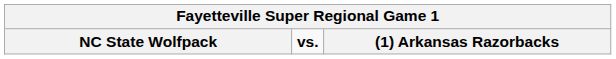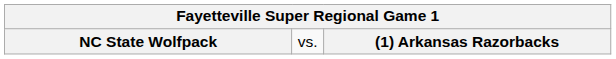 <table class="wikitable">
 <tr>
 <th style="width: 604px;" colspan=3>Fayetteville Super Regional Game 1</th>
 </tr>
 <tr>
 <th style="width: 289px; ">NC State Wolfpack</th>
-<td style="width: 25px; text-align:center"><strong>vs.</strong></td>
+<td style="width: 25px; text-align:center">vs.</td>
 <th style="width: 289px; ">(1) Arkansas Razorbacks</th>
 </tr>
 </table>
